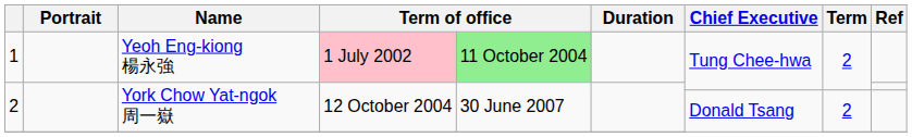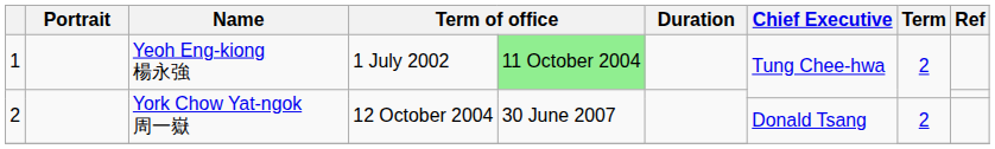 <table class="wikitable"  style="text-align:left">
 <tr>
 <th width=10px></th>
 <th width=80px>Portrait</th>
 <th width=180px>Name</th>
 <th width=180px colspan=2>Term of office</th>
 <th width=80px>Duration</th>
 <th width=120px><a href='#'>Chief Executive</a></th>
 <th>Term</th>
 <th>Ref</th>
 </tr>
 <tr>
 <td bgcolor=>1</td>
 <td></td>
 <td><a href='#'>Yeoh Eng-kiong</a><br>楊永強</td>
-<td style="background: pink;">1 July 2002</td>
+<td>1 July 2002</td>
 <td style="background: lightgreen;">11 October 2004</td>
 <td></td>
 <td rowspan=2><a href='#'>Tung Chee-hwa</a><br></td>
 <td rowspan=2 align=center><a href='#'>2</a></td>
 <td></td>
 </tr>
 <tr>
 <td rowspan=2 bgcolor=>2</td>
 <td rowspan=2></td>
 <td rowspan=2><a href='#'>York Chow Yat-ngok</a><br>周一嶽</td>
 <td rowspan=2>12 October 2004</td>
 <td rowspan=2>30 June 2007</td>
 <td rowspan=2></td>
 <td></td>
 </tr>
 <tr>
 <td rowspan=2><a href='#'>Donald Tsang</a><br></td>
 <td align=center><a href='#'>2</a></td>
 <td></td>
 </tr>
 <tr>
 </tr>
 </table>
